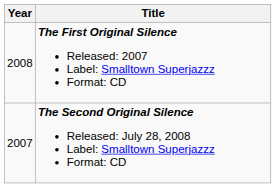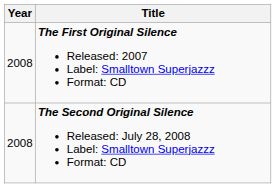 <table class="wikitable">
 <tr>
 <th>Year</th>
 <th style="width:225px;">Title</th>
 </tr>
 <tr>
 <td>2008</td>
 <td style="width:20em"><strong><em>The First Original Silence</em></strong><br><ul><li>Released: 2007</li><li>Label: <a href='#'>Smalltown Superjazzz</a> </li><li>Format: CD</li></ul></td>
 </tr>
 <tr>
-<td>2007</td>
+<td>2008</td>
 <td style="width:20em"><strong><em>The Second Original Silence</em></strong><br><ul><li>Released: July 28, 2008</li><li>Label: <a href='#'>Smalltown Superjazzz</a> </li><li>Format: CD</li></ul></td>
 </tr>
 </table>
